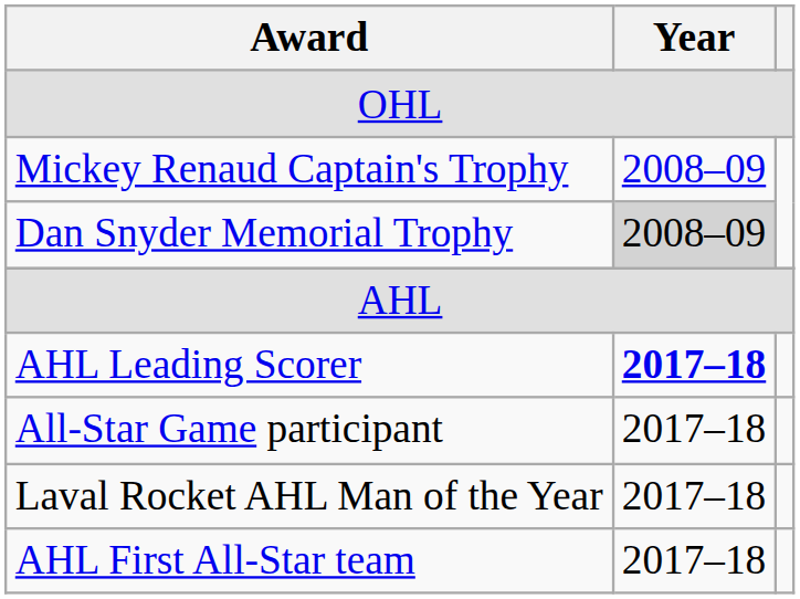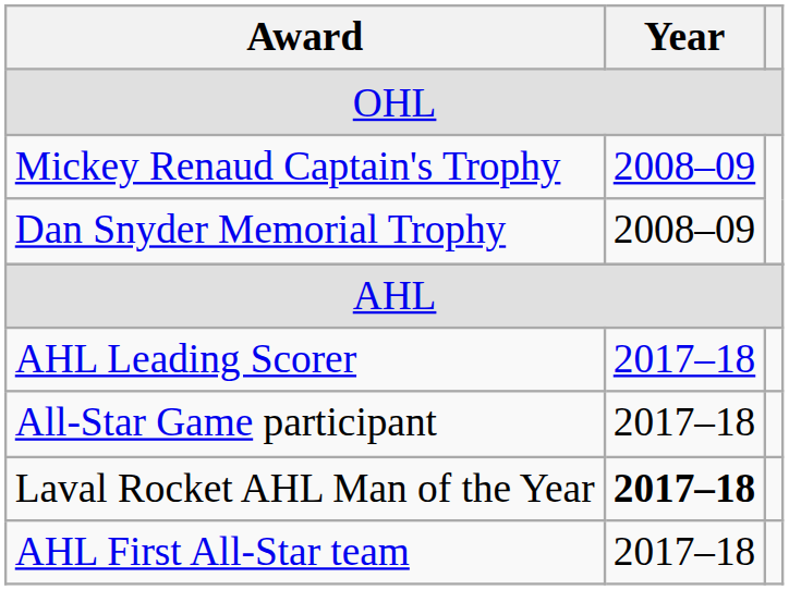 <table class="wikitable">
 <tr>
 <th>Award</th>
 <th>Year</th>
 <th></th>
 </tr>
 <tr ALIGN="center" bgcolor="#e0e0e0">
 <td colspan="3"><a href='#'>OHL</a></td>
 </tr>
 <tr>
 <td><a href='#'>Mickey Renaud Captain's Trophy</a></td>
 <td><a href='#'>2008–09</a></td>
 <td rowspan="2"></td>
 </tr>
 <tr>
 <td><a href='#'>Dan Snyder Memorial Trophy</a></td>
-<td style="background: lightgrey;">2008–09</td>
+<td>2008–09</td>
 </tr>
 <tr>
 </tr>
 <tr ALIGN="center" bgcolor="#e0e0e0">
 <td colspan="3"><a href='#'>AHL</a></td>
 </tr>
 <tr>
 <td><a href='#'>AHL Leading Scorer</a></td>
-<td><strong><a href='#'>2017–18</a></strong></td>
+<td><a href='#'>2017–18</a></td>
 <td></td>
 </tr>
 <tr>
 <td><a href='#'>All-Star Game</a> participant</td>
 <td>2017–18</td>
 <td></td>
 </tr>
 <tr>
 <td>Laval Rocket AHL Man of the Year</td>
-<td>2017–18</td>
+<td><strong>2017–18</strong></td>
 <td></td>
 </tr>
 <tr>
 <td><a href='#'>AHL First All-Star team</a></td>
 <td>2017–18</td>
 <td></td>
 </tr>
 </table>
